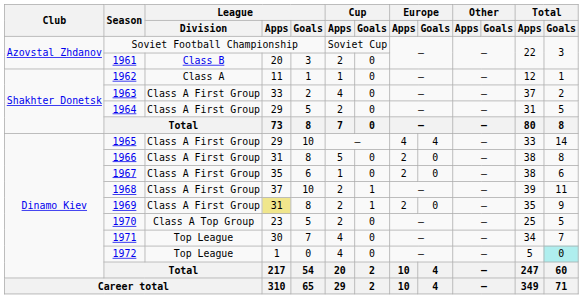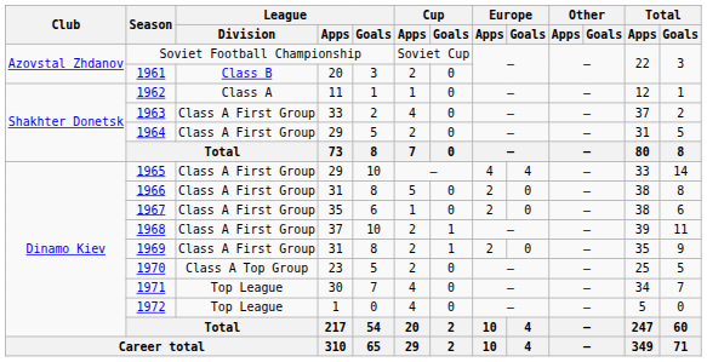 <table class="wikitable" style="text-align:center">
 <tr>
 <th rowspan="2">Club</th>
 <th rowspan="2">Season</th>
 <th colspan="3">League</th>
 <th colspan="2">Cup</th>
 <th colspan="2">Europe</th>
 <th colspan="2">Other</th>
 <th colspan="2">Total</th>
 </tr>
 <tr>
 <th>Division</th>
 <th>Apps</th>
 <th>Goals</th>
 <th>Apps</th>
 <th>Goals</th>
 <th>Apps</th>
 <th>Goals</th>
 <th>Apps</th>
 <th>Goals</th>
 <th>Apps</th>
 <th>Goals</th>
 </tr>
 <tr>
 <td rowspan="2"><a href='#'>Azovstal Zhdanov</a></td>
 <td colspan=4>Soviet Football Championship</td>
 <td colspan=2>Soviet Cup</td>
 <td rowspan=2 colspan="2">–</td>
 <td rowspan=2 colspan="2">–</td>
 <td rowspan=2>22</td>
 <td rowspan=2>3</td>
 </tr>
 <tr>
 <td><a href='#'>1961</a></td>
 <td><a href='#'>Class B</a></td>
 <td>20</td>
 <td>3</td>
 <td>2</td>
 <td>0</td>
 </tr>
 <tr>
 <td rowspan=4><a href='#'>Shakhter Donetsk</a></td>
 <td><a href='#'>1962</a></td>
 <td>Class A</td>
 <td>11</td>
 <td>1</td>
 <td>1</td>
 <td>0</td>
 <td colspan="2">–</td>
 <td colspan="2">–</td>
 <td>12</td>
 <td>1</td>
 </tr>
 <tr>
 <td><a href='#'>1963</a></td>
 <td>Class A First Group</td>
 <td>33</td>
 <td>2</td>
 <td>4</td>
 <td>0</td>
 <td colspan="2">–</td>
 <td colspan="2">–</td>
 <td>37</td>
 <td>2</td>
 </tr>
 <tr>
 <td><a href='#'>1964</a></td>
 <td>Class A First Group</td>
 <td>29</td>
 <td>5</td>
 <td>2</td>
 <td>0</td>
 <td colspan="2">–</td>
 <td colspan="2">–</td>
 <td>31</td>
 <td>5</td>
 </tr>
 <tr>
 <th colspan="2">Total</th>
 <th>73</th>
 <th>8</th>
 <th>7</th>
 <th>0</th>
 <th colspan="2">–</th>
 <th colspan="2">–</th>
 <th>80</th>
 <th>8</th>
 </tr>
 <tr>
 <td rowspan=9><a href='#'>Dinamo Kiev</a></td>
 <td><a href='#'>1965</a></td>
 <td>Class A First Group</td>
 <td>29</td>
 <td>10</td>
 <td colspan="2">–</td>
 <td>4</td>
 <td>4</td>
 <td colspan="2">–</td>
 <td>33</td>
 <td>14</td>
 </tr>
 <tr>
 <td><a href='#'>1966</a></td>
 <td>Class A First Group</td>
 <td>31</td>
 <td>8</td>
 <td>5</td>
 <td>0</td>
 <td>2</td>
 <td>0</td>
 <td colspan="2">–</td>
 <td>38</td>
 <td>8</td>
 </tr>
 <tr>
 <td><a href='#'>1967</a></td>
 <td>Class A First Group</td>
 <td>35</td>
 <td>6</td>
 <td>1</td>
 <td>0</td>
 <td>2</td>
 <td>0</td>
 <td colspan="2">–</td>
 <td>38</td>
 <td>6</td>
 </tr>
 <tr>
 <td><a href='#'>1968</a></td>
 <td>Class A First Group</td>
 <td>37</td>
 <td>10</td>
 <td>2</td>
 <td>1</td>
 <td colspan="2">–</td>
 <td colspan="2">–</td>
 <td>39</td>
 <td>11</td>
 </tr>
 <tr>
 <td><a href='#'>1969</a></td>
 <td>Class A First Group</td>
-<td style="background: khaki;">31</td>
+<td>31</td>
 <td>8</td>
 <td>2</td>
 <td>1</td>
 <td>2</td>
 <td>0</td>
 <td colspan="2">–</td>
 <td>35</td>
 <td>9</td>
 </tr>
 <tr>
 <td><a href='#'>1970</a></td>
 <td>Class A Top Group</td>
 <td>23</td>
 <td>5</td>
 <td>2</td>
 <td>0</td>
 <td colspan="2">–</td>
 <td colspan="2">–</td>
 <td>25</td>
 <td>5</td>
 </tr>
 <tr>
 <td><a href='#'>1971</a></td>
 <td>Top League</td>
 <td>30</td>
 <td>7</td>
 <td>4</td>
 <td>0</td>
 <td colspan="2">–</td>
 <td colspan="2">–</td>
 <td>34</td>
 <td>7</td>
 </tr>
 <tr>
 <td><a href='#'>1972</a></td>
 <td>Top League</td>
 <td>1</td>
 <td>0</td>
 <td>4</td>
 <td>0</td>
 <td colspan="2">–</td>
 <td colspan="2">–</td>
 <td>5</td>
-<td style="background: paleturquoise;">0</td>
+<td>0</td>
 </tr>
 <tr>
 <th colspan="2">Total</th>
 <th>217</th>
 <th>54</th>
 <th>20</th>
 <th>2</th>
 <th>10</th>
 <th>4</th>
 <th colspan="2">–</th>
 <th>247</th>
 <th>60</th>
 </tr>
 <tr>
 <th colspan="3">Career total</th>
 <th>310</th>
 <th>65</th>
 <th>29</th>
 <th>2</th>
 <th>10</th>
 <th>4</th>
 <th colspan="2">–</th>
 <th>349</th>
 <th>71</th>
 </tr>
 </table>
